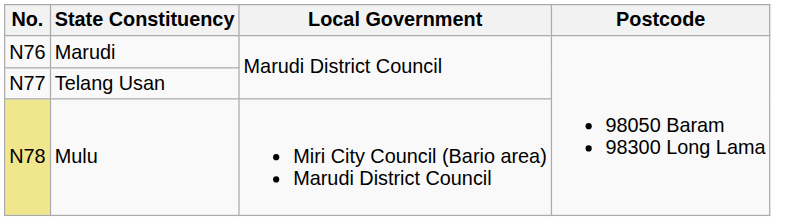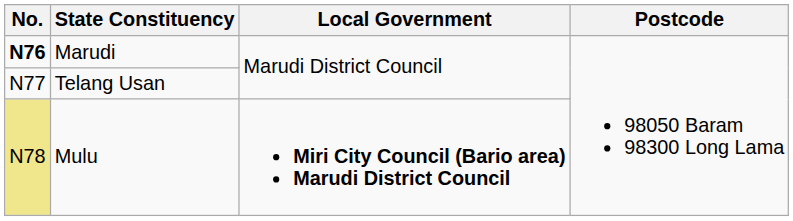 <table class="wikitable">
 <tr>
 <th>No.</th>
 <th>State Constituency</th>
 <th>Local Government</th>
 <th>Postcode</th>
 </tr>
 <tr>
-<td>N76</td>
+<td><strong>N76</strong></td>
 <td>Marudi</td>
 <td rowspan="2">Marudi District Council</td>
 <td rowspan="3"><br><ul><li>98050 Baram</li><li>98300 Long Lama</li></ul></td>
 </tr>
 <tr>
 <td>N77</td>
 <td>Telang Usan</td>
 </tr>
 <tr>
 <td style="background: khaki;">N78</td>
 <td>Mulu</td>
-<td><br><ul><li>Miri City Council (Bario area)</li><li>Marudi District Council</li></ul></td>
+<td><strong><br><ul><li>Miri City Council (Bario area)</li><li>Marudi District Council</li></ul></strong></td>
 </tr>
 </table>
